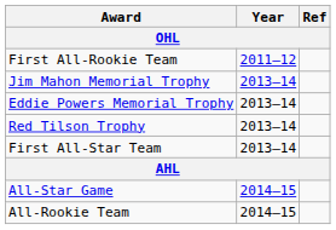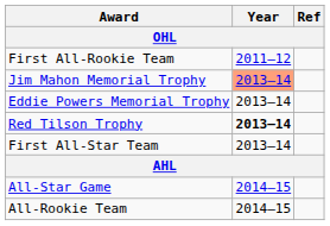 <table class="wikitable">
 <tr>
 <th>Award</th>
 <th>Year</th>
 <th>Ref</th>
 </tr>
 <tr>
 <th colspan="3"><a href='#'>OHL</a></th>
 </tr>
 <tr>
 <td>First All-Rookie Team</td>
 <td><a href='#'>2011–12</a></td>
 <td></td>
 </tr>
 <tr>
 <td><a href='#'>Jim Mahon Memorial Trophy</a></td>
-<td><a href='#'>2013–14</a></td>
+<td style="background: lightsalmon;"><a href='#'>2013–14</a></td>
 <td></td>
 </tr>
 <tr>
 <td><a href='#'>Eddie Powers Memorial Trophy</a></td>
 <td>2013–14</td>
 <td></td>
 </tr>
 <tr>
 <td><a href='#'>Red Tilson Trophy</a></td>
-<td>2013–14</td>
+<td><strong>2013–14</strong></td>
 <td></td>
 </tr>
 <tr>
 <td>First All-Star Team</td>
 <td>2013–14</td>
 <td></td>
 </tr>
 <tr>
 <th colspan="3"><a href='#'>AHL</a></th>
 </tr>
 <tr>
 <td><a href='#'>All-Star Game</a></td>
 <td><a href='#'>2014–15</a></td>
 <td></td>
 </tr>
 <tr>
 <td>All-Rookie Team</td>
 <td>2014–15</td>
 <td></td>
 </tr>
 </table>
